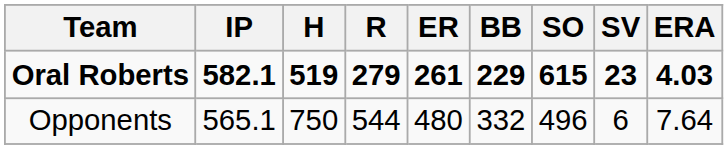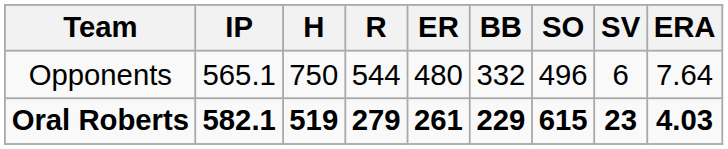 <table class="wikitable sortable">
 <tr>
 <th>Team</th>
 <th>IP</th>
 <th>H</th>
 <th>R</th>
 <th>ER</th>
 <th>BB</th>
 <th>SO</th>
 <th>SV</th>
 <th>ERA</th>
 </tr>
+<tr style="text-align:center;">
+<td>Opponents</td>
+<td>565.1</td>
+<td>750</td>
+<td>544</td>
+<td>480</td>
+<td>332</td>
+<td>496</td>
+<td>6</td>
+<td>7.64</td>
+</tr>
 <tr style="text-align:center; font-weight: bold;">
 <td>Oral Roberts</td>
 <td>582.1</td>
 <td>519</td>
 <td>279</td>
 <td>261</td>
 <td>229</td>
 <td>615</td>
 <td>23</td>
 <td>4.03</td>
 </tr>
-<tr style="text-align:center;">
-<td>Opponents</td>
-<td>565.1</td>
-<td>750</td>
-<td>544</td>
-<td>480</td>
-<td>332</td>
-<td>496</td>
-<td>6</td>
-<td>7.64</td>
-</tr>
 </table>
